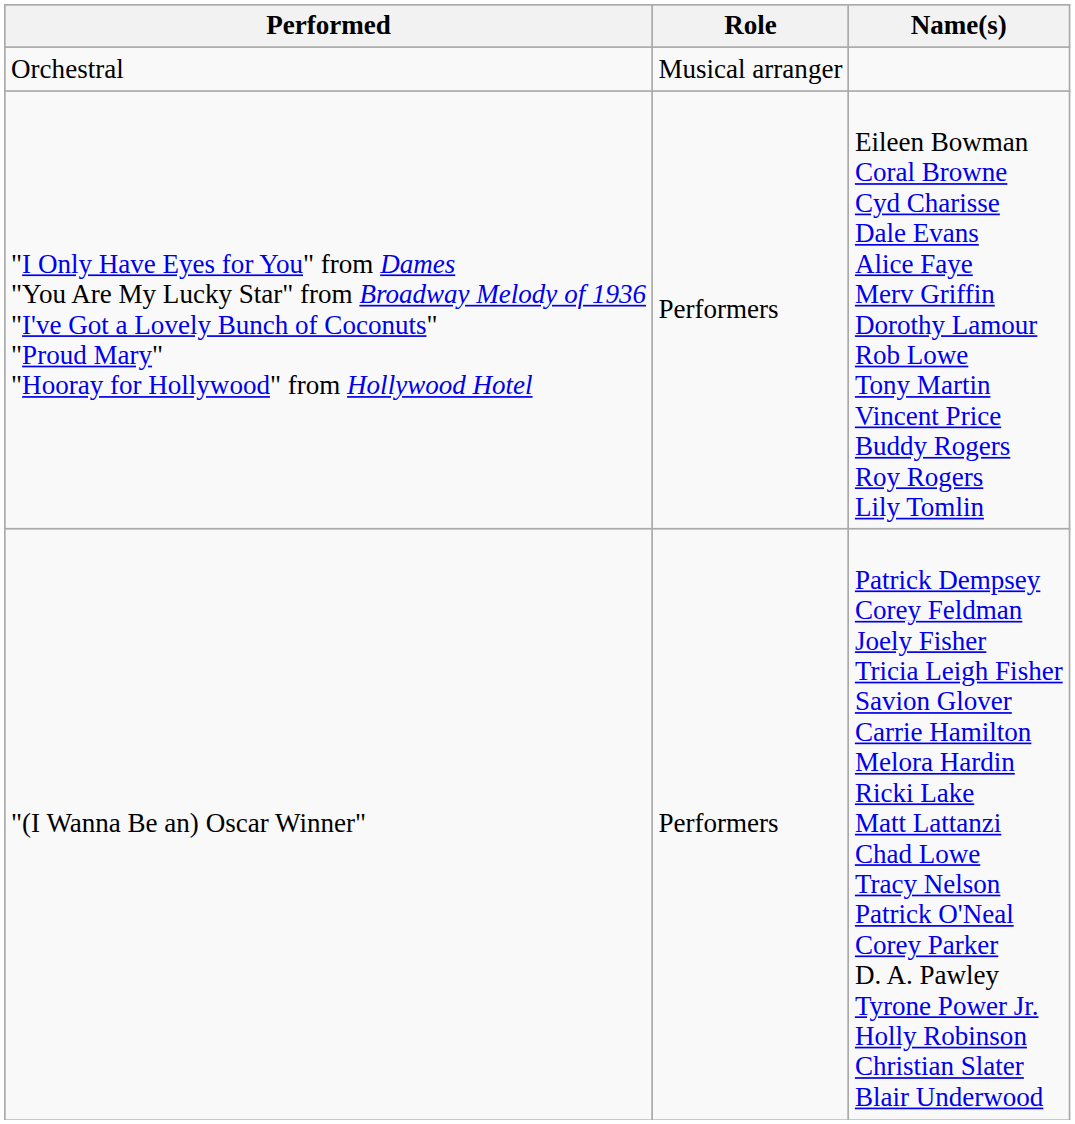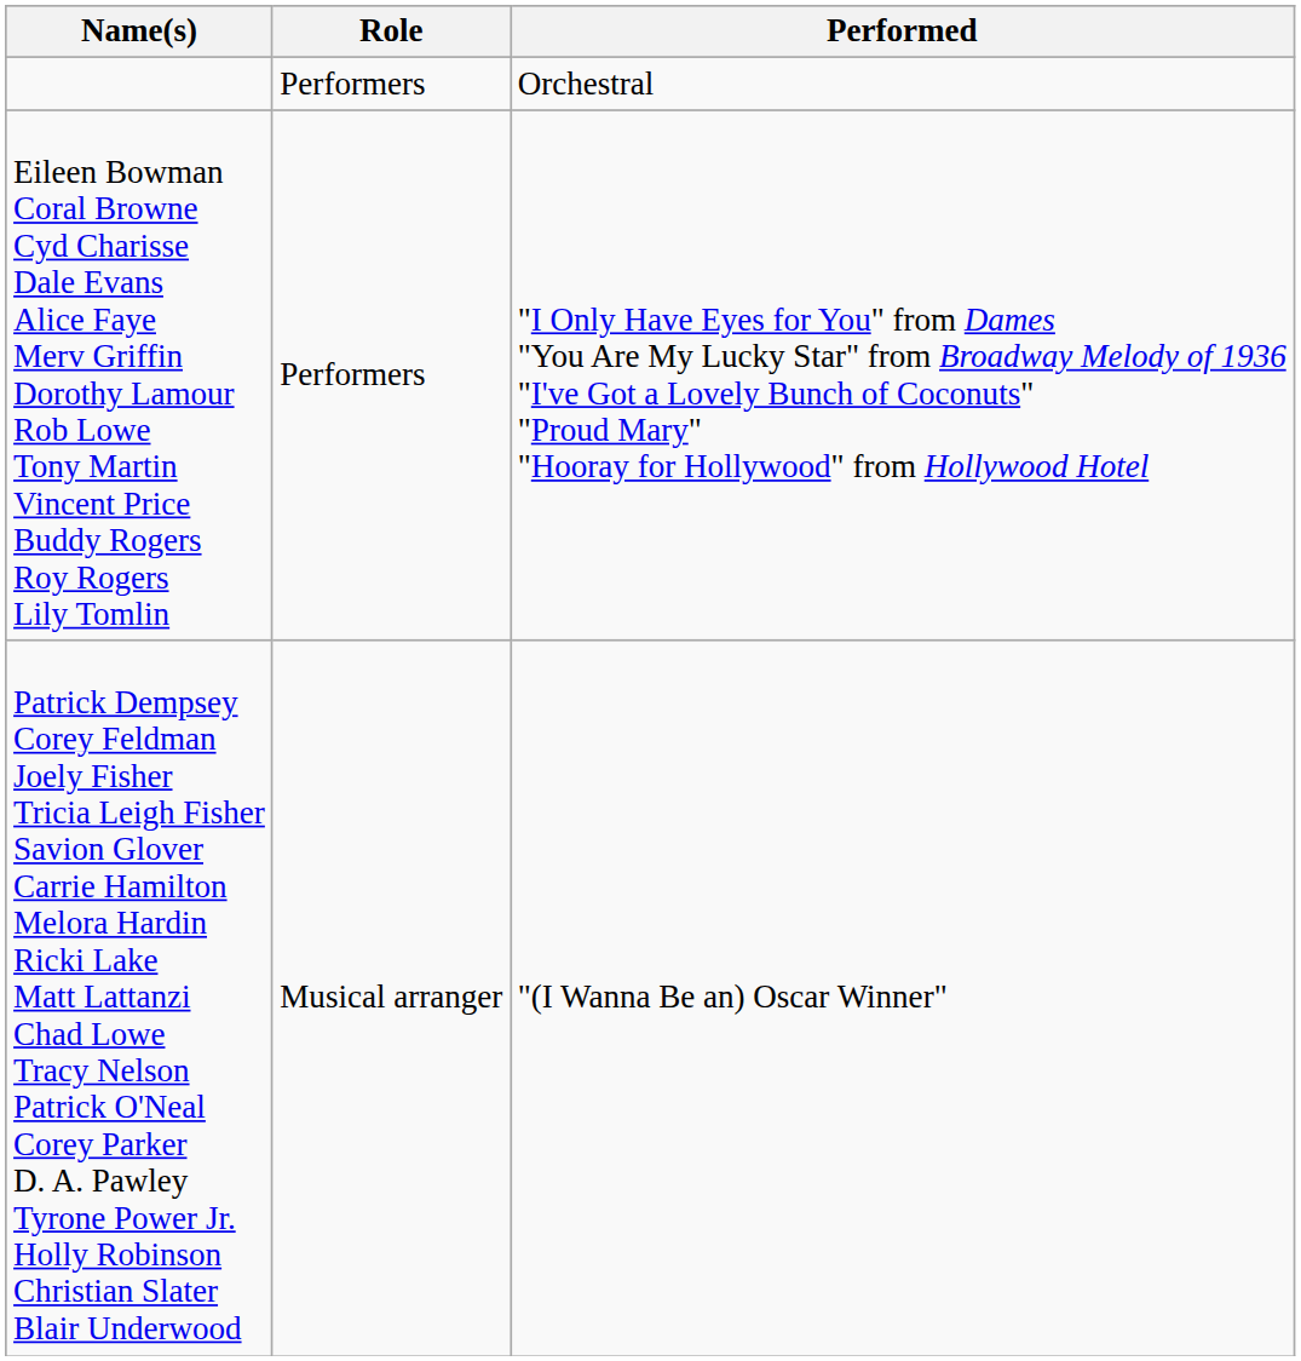 <table class="wikitable sortable">
 <tr>
+<th>Name(s)</th>
+<th>Role</th>
 <th>Performed</th>
-<th>Role</th>
-<th>Name(s)</th>
 </tr>
 <tr>
+<td></td>
+<td>Performers</td>
 <td>Orchestral</td>
-<td>Musical arranger</td>
-<td></td>
 </tr>
 <tr>
+<td><br>Eileen Bowman<br><a href='#'>Coral Browne</a><br><a href='#'>Cyd Charisse</a><br><a href='#'>Dale Evans</a><br><a href='#'>Alice Faye</a><br><a href='#'>Merv Griffin</a><br><a href='#'>Dorothy Lamour</a><br><a href='#'>Rob Lowe</a><br><a href='#'>Tony Martin</a><br><a href='#'>Vincent Price</a><br><a href='#'>Buddy Rogers</a><br><a href='#'>Roy Rogers</a><br><a href='#'>Lily Tomlin</a></td>
+<td>Performers</td>
 <td><br>"<a href='#'>I Only Have Eyes for You</a>" from <em><a href='#'>Dames</a></em><br>"You Are My Lucky Star" from <em><a href='#'>Broadway Melody of 1936</a></em><br>"<a href='#'>I've Got a Lovely Bunch of Coconuts</a>"<br>"<a href='#'>Proud Mary</a>"<br>"<a href='#'>Hooray for Hollywood</a>" from <em><a href='#'>Hollywood Hotel</a></em></td>
-<td>Performers</td>
-<td><br>Eileen Bowman<br><a href='#'>Coral Browne</a><br><a href='#'>Cyd Charisse</a><br><a href='#'>Dale Evans</a><br><a href='#'>Alice Faye</a><br><a href='#'>Merv Griffin</a><br><a href='#'>Dorothy Lamour</a><br><a href='#'>Rob Lowe</a><br><a href='#'>Tony Martin</a><br><a href='#'>Vincent Price</a><br><a href='#'>Buddy Rogers</a><br><a href='#'>Roy Rogers</a><br><a href='#'>Lily Tomlin</a></td>
 </tr>
 <tr>
+<td><br><a href='#'>Patrick Dempsey</a><br><a href='#'>Corey Feldman</a><br><a href='#'>Joely Fisher</a><br><a href='#'>Tricia Leigh Fisher</a><br><a href='#'>Savion Glover</a><br><a href='#'>Carrie Hamilton</a><br><a href='#'>Melora Hardin</a><br><a href='#'>Ricki Lake</a><br><a href='#'>Matt Lattanzi</a><br><a href='#'>Chad Lowe</a><br><a href='#'>Tracy Nelson</a><br><a href='#'>Patrick O'Neal</a><br><a href='#'>Corey Parker</a><br>D. A. Pawley<br><a href='#'>Tyrone Power Jr.</a><br><a href='#'>Holly Robinson</a><br><a href='#'>Christian Slater</a><br><a href='#'>Blair Underwood</a></td>
+<td>Musical arranger</td>
 <td>"(I Wanna Be an) Oscar Winner"</td>
-<td>Performers</td>
-<td><br><a href='#'>Patrick Dempsey</a><br><a href='#'>Corey Feldman</a><br><a href='#'>Joely Fisher</a><br><a href='#'>Tricia Leigh Fisher</a><br><a href='#'>Savion Glover</a><br><a href='#'>Carrie Hamilton</a><br><a href='#'>Melora Hardin</a><br><a href='#'>Ricki Lake</a><br><a href='#'>Matt Lattanzi</a><br><a href='#'>Chad Lowe</a><br><a href='#'>Tracy Nelson</a><br><a href='#'>Patrick O'Neal</a><br><a href='#'>Corey Parker</a><br>D. A. Pawley<br><a href='#'>Tyrone Power Jr.</a><br><a href='#'>Holly Robinson</a><br><a href='#'>Christian Slater</a><br><a href='#'>Blair Underwood</a></td>
 </tr>
 </table>
